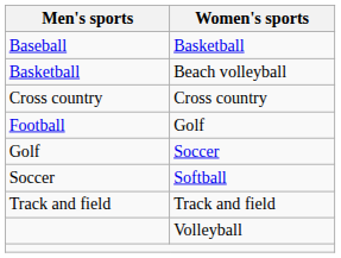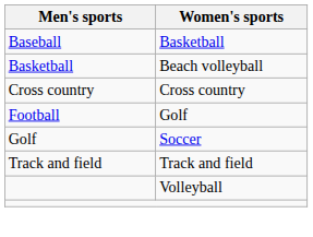 <table class="wikitable"; style= "text-align: ">
 <tr>
 <th width=150px>Men's sports</th>
 <th width=150px>Women's sports</th>
 </tr>
 <tr>
 <td><a href='#'>Baseball</a></td>
 <td><a href='#'>Basketball</a></td>
 </tr>
 <tr>
 <td><a href='#'>Basketball</a></td>
 <td>Beach volleyball</td>
 </tr>
 <tr>
 <td>Cross country</td>
 <td>Cross country</td>
 </tr>
 <tr>
 <td><a href='#'>Football</a></td>
 <td>Golf</td>
 </tr>
 <tr>
 <td>Golf</td>
 <td><a href='#'>Soccer</a></td>
 </tr>
 <tr>
-<td>Soccer</td>
-<td><a href='#'>Softball</a></td>
-</tr>
-<tr>
 <td>Track and field</td>
 <td>Track and field</td>
 </tr>
 <tr>
 <td></td>
 <td>Volleyball</td>
 </tr>
 <tr>
 <td colspan="2"></td>
 </tr>
 </table>
